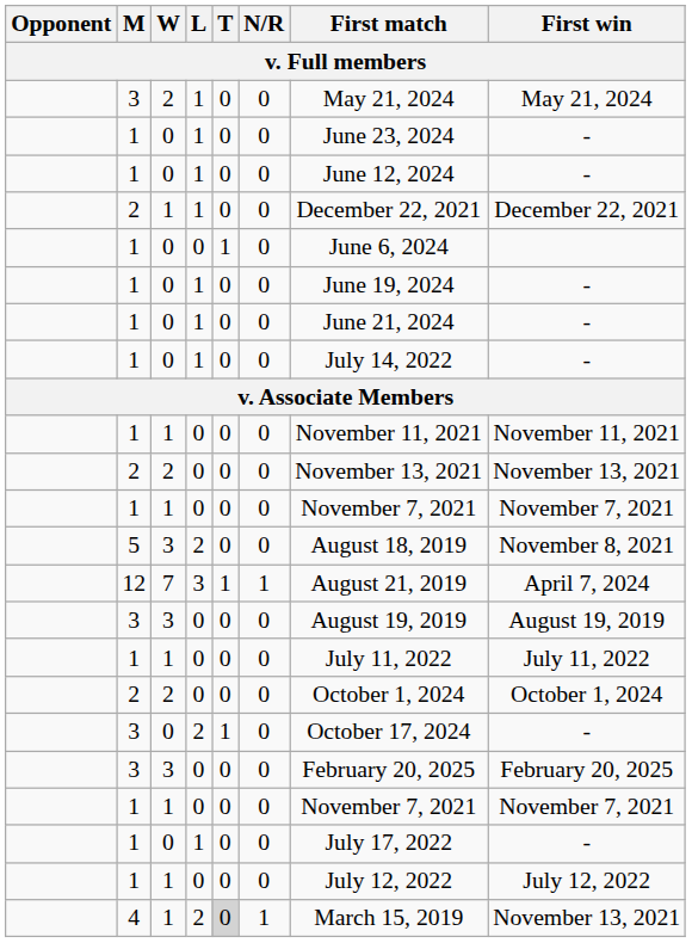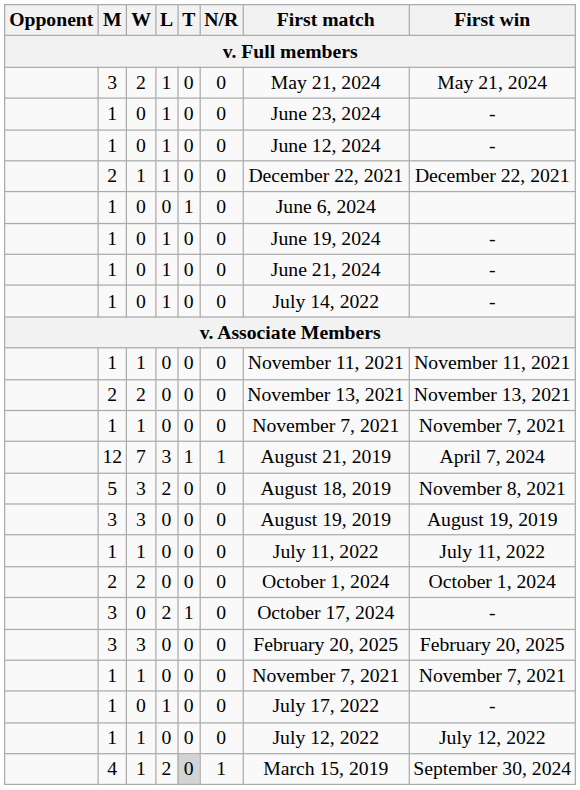 <table class="wikitable" style="text-align: center;">
 <tr>
 <th>Opponent</th>
 <th>M</th>
 <th>W</th>
 <th>L</th>
 <th>T</th>
 <th>N/R</th>
 <th>First match</th>
 <th>First win</th>
 </tr>
 <tr>
 <th colspan="8">v. Full members</th>
 </tr>
 <tr>
 <td align="left"></td>
 <td>3</td>
 <td>2</td>
 <td>1</td>
 <td>0</td>
 <td>0</td>
 <td>May 21, 2024</td>
 <td>May 21, 2024</td>
 </tr>
 <tr>
 <td align="left"></td>
 <td>1</td>
 <td>0</td>
 <td>1</td>
 <td>0</td>
 <td>0</td>
 <td>June 23, 2024</td>
 <td>-</td>
 </tr>
 <tr>
 <td align="left"></td>
 <td>1</td>
 <td>0</td>
 <td>1</td>
 <td>0</td>
 <td>0</td>
 <td>June 12, 2024</td>
 <td>-</td>
 </tr>
 <tr>
 <td align="left"></td>
 <td>2</td>
 <td>1</td>
 <td>1</td>
 <td>0</td>
 <td>0</td>
 <td>December 22, 2021</td>
 <td>December 22, 2021</td>
 </tr>
 <tr>
 <td align="left"></td>
 <td>1</td>
 <td>0</td>
 <td>0</td>
 <td>1</td>
 <td>0</td>
 <td>June 6, 2024</td>
 <td></td>
 </tr>
 <tr>
 <td align="left"></td>
 <td>1</td>
 <td>0</td>
 <td>1</td>
 <td>0</td>
 <td>0</td>
 <td>June 19, 2024</td>
 <td>-</td>
 </tr>
 <tr>
 <td align="left"></td>
 <td>1</td>
 <td>0</td>
 <td>1</td>
 <td>0</td>
 <td>0</td>
 <td>June 21, 2024</td>
 <td>-</td>
 </tr>
 <tr>
 <td align="left"></td>
 <td>1</td>
 <td>0</td>
 <td>1</td>
 <td>0</td>
 <td>0</td>
 <td>July 14, 2022</td>
 <td>-</td>
 </tr>
 <tr>
 <th colspan="8">v. Associate Members</th>
 </tr>
 <tr>
 <td style="text-align:left;"></td>
 <td>1</td>
 <td>1</td>
 <td>0</td>
 <td>0</td>
 <td>0</td>
 <td>November 11, 2021</td>
 <td>November 11, 2021</td>
 </tr>
 <tr>
 <td style="text-align:left;"></td>
 <td>2</td>
 <td>2</td>
 <td>0</td>
 <td>0</td>
 <td>0</td>
 <td>November 13, 2021</td>
 <td>November 13, 2021</td>
 </tr>
 <tr>
 <td style="text-align:left;"></td>
 <td>1</td>
 <td>1</td>
 <td>0</td>
 <td>0</td>
 <td>0</td>
 <td>November 7, 2021</td>
 <td>November 7, 2021</td>
 </tr>
 <tr>
 <td style="text-align:left;"></td>
+<td>12</td>
+<td>7</td>
+<td>3</td>
+<td>1</td>
+<td>1</td>
+<td>August 21, 2019</td>
+<td>April 7, 2024</td>
+</tr>
+<tr>
+<td style="text-align:left;"></td>
 <td>5</td>
 <td>3</td>
 <td>2</td>
 <td>0</td>
 <td>0</td>
 <td>August 18, 2019</td>
 <td>November 8, 2021</td>
-</tr>
-<tr>
-<td style="text-align:left;"></td>
-<td>12</td>
-<td>7</td>
-<td>3</td>
-<td>1</td>
-<td>1</td>
-<td>August 21, 2019</td>
-<td>April 7, 2024</td>
 </tr>
 <tr>
 <td style="text-align:left;"></td>
 <td>3</td>
 <td>3</td>
 <td>0</td>
 <td>0</td>
 <td>0</td>
 <td>August 19, 2019</td>
 <td>August 19, 2019</td>
 </tr>
 <tr>
 <td style="text-align:left;"></td>
 <td>1</td>
 <td>1</td>
 <td>0</td>
 <td>0</td>
 <td>0</td>
 <td>July 11, 2022</td>
 <td>July 11, 2022</td>
 </tr>
 <tr>
 <td style="text-align:left;"></td>
 <td>2</td>
 <td>2</td>
 <td>0</td>
 <td>0</td>
 <td>0</td>
 <td>October 1, 2024</td>
 <td>October 1, 2024</td>
 </tr>
 <tr>
 <td style="text-align:left;"></td>
 <td>3</td>
 <td>0</td>
 <td>2</td>
 <td>1</td>
 <td>0</td>
 <td>October 17, 2024</td>
 <td>-</td>
 </tr>
 <tr>
 <td style="text-align:left;"></td>
 <td>3</td>
 <td>3</td>
 <td>0</td>
 <td>0</td>
 <td>0</td>
 <td>February 20, 2025</td>
 <td>February 20, 2025</td>
 </tr>
 <tr>
 <td style="text-align:left;"></td>
 <td>1</td>
 <td>1</td>
 <td>0</td>
 <td>0</td>
 <td>0</td>
 <td>November 7, 2021</td>
 <td>November 7, 2021</td>
 </tr>
 <tr>
 <td style="text-align:left;"></td>
 <td>1</td>
 <td>0</td>
 <td>1</td>
 <td>0</td>
 <td>0</td>
 <td>July 17, 2022</td>
 <td>-</td>
 </tr>
 <tr>
 <td style="text-align:left;"></td>
 <td>1</td>
 <td>1</td>
 <td>0</td>
 <td>0</td>
 <td>0</td>
 <td>July 12, 2022</td>
 <td>July 12, 2022</td>
 </tr>
 <tr>
 <td style="text-align:left;"></td>
 <td>4</td>
 <td>1</td>
 <td>2</td>
 <td style="background: lightgrey;">0</td>
 <td>1</td>
 <td>March 15, 2019</td>
-<td>November 13, 2021</td>
+<td>September 30, 2024</td>
 </tr>
 </table>
